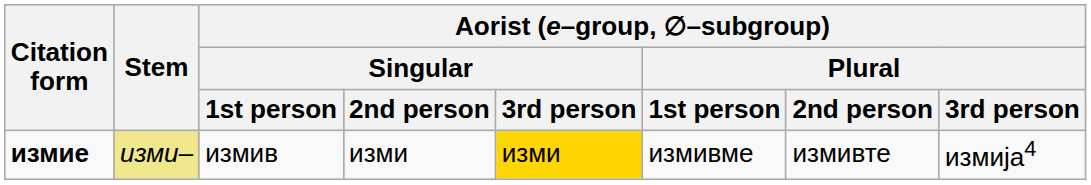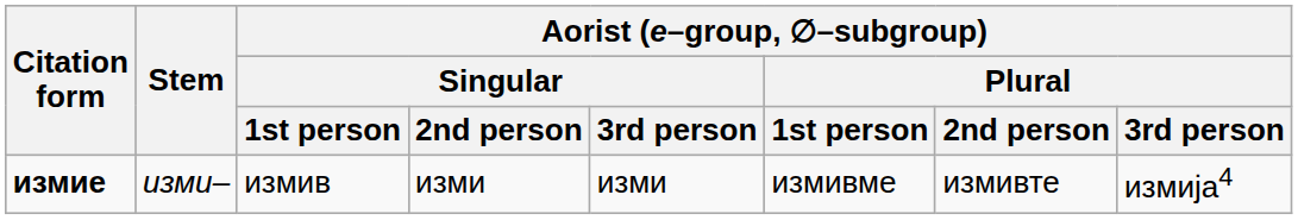 <table class="wikitable">
 <tr>
 <th rowspan="3">Citation<br>form</th>
 <th rowspan="3">Stem</th>
 <th colspan="6">Aorist (<em>е</em>–group, ∅–subgroup)</th>
 </tr>
 <tr>
 <th colspan="3">Singular</th>
 <th colspan="3">Plural</th>
 </tr>
 <tr>
 <th>1st person</th>
 <th>2nd person</th>
 <th>3rd person</th>
 <th>1st person</th>
 <th>2nd person</th>
 <th>3rd person</th>
 </tr>
 <tr>
 <td><strong>измие</strong></td>
-<td style="background: khaki;"><em>изми–</em></td>
+<td><em>изми–</em></td>
 <td>изми<span>в</span></td>
 <td>изми</td>
-<td style="background: gold;">изми</td>
+<td>изми</td>
 <td>изми<span>вме</span></td>
 <td>изми<span>вте</span></td>
 <td>изми<span>ја</span><sup>4</sup></td>
 </tr>
 </table>
